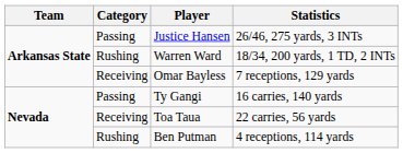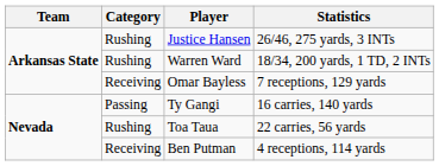 <table class="wikitable" style="float: left;">
 <tr>
 <th>Team</th>
 <th>Category</th>
 <th>Player</th>
 <th>Statistics</th>
 </tr>
 <tr>
 <td rowspan=3><strong>Arkansas State</strong></td>
-<td>Passing</td>
+<td>Rushing</td>
 <td><a href='#'>Justice Hansen</a></td>
 <td>26/46, 275 yards, 3 INTs</td>
 </tr>
 <tr>
 <td>Rushing</td>
 <td>Warren Ward</td>
 <td>18/34, 200 yards, 1 TD, 2 INTs</td>
 </tr>
 <tr>
 <td>Receiving</td>
 <td>Omar Bayless</td>
 <td>7 receptions, 129 yards</td>
 </tr>
 <tr>
 <td rowspan=3><strong>Nevada</strong></td>
 <td>Passing</td>
 <td>Ty Gangi</td>
 <td>16 carries, 140 yards</td>
 </tr>
 <tr>
-<td>Receiving</td>
+<td>Rushing</td>
 <td>Toa Taua</td>
 <td>22 carries, 56 yards</td>
 </tr>
 <tr>
-<td>Rushing</td>
+<td>Receiving</td>
 <td>Ben Putman</td>
 <td>4 receptions, 114 yards</td>
 </tr>
 </table>
